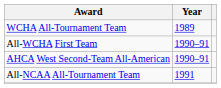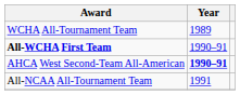 <table class="wikitable">
 <tr>
 <th>Award</th>
 <th>Year</th>
 <th></th>
 </tr>
 <tr>
 <td><a href='#'>WCHA</a> <a href='#'>All-Tournament Team</a></td>
 <td><a href='#'>1989</a></td>
 <td></td>
 </tr>
 <tr>
-<td>All-<a href='#'>WCHA</a> <a href='#'>First Team</a></td>
+<td><strong>All-<a href='#'>WCHA</a> <a href='#'>First Team</a></strong></td>
 <td><a href='#'>1990–91</a></td>
 <td></td>
 </tr>
 <tr>
 <td><a href='#'>AHCA</a> <a href='#'>West Second-Team All-American</a></td>
-<td><a href='#'>1990–91</a></td>
+<td><strong><a href='#'>1990–91</a></strong></td>
 <td></td>
 </tr>
 <tr>
 <td>All-<a href='#'>NCAA</a> <a href='#'>All-Tournament Team</a></td>
 <td><a href='#'>1991</a></td>
 <td></td>
 </tr>
 <tr>
 </tr>
 </table>
